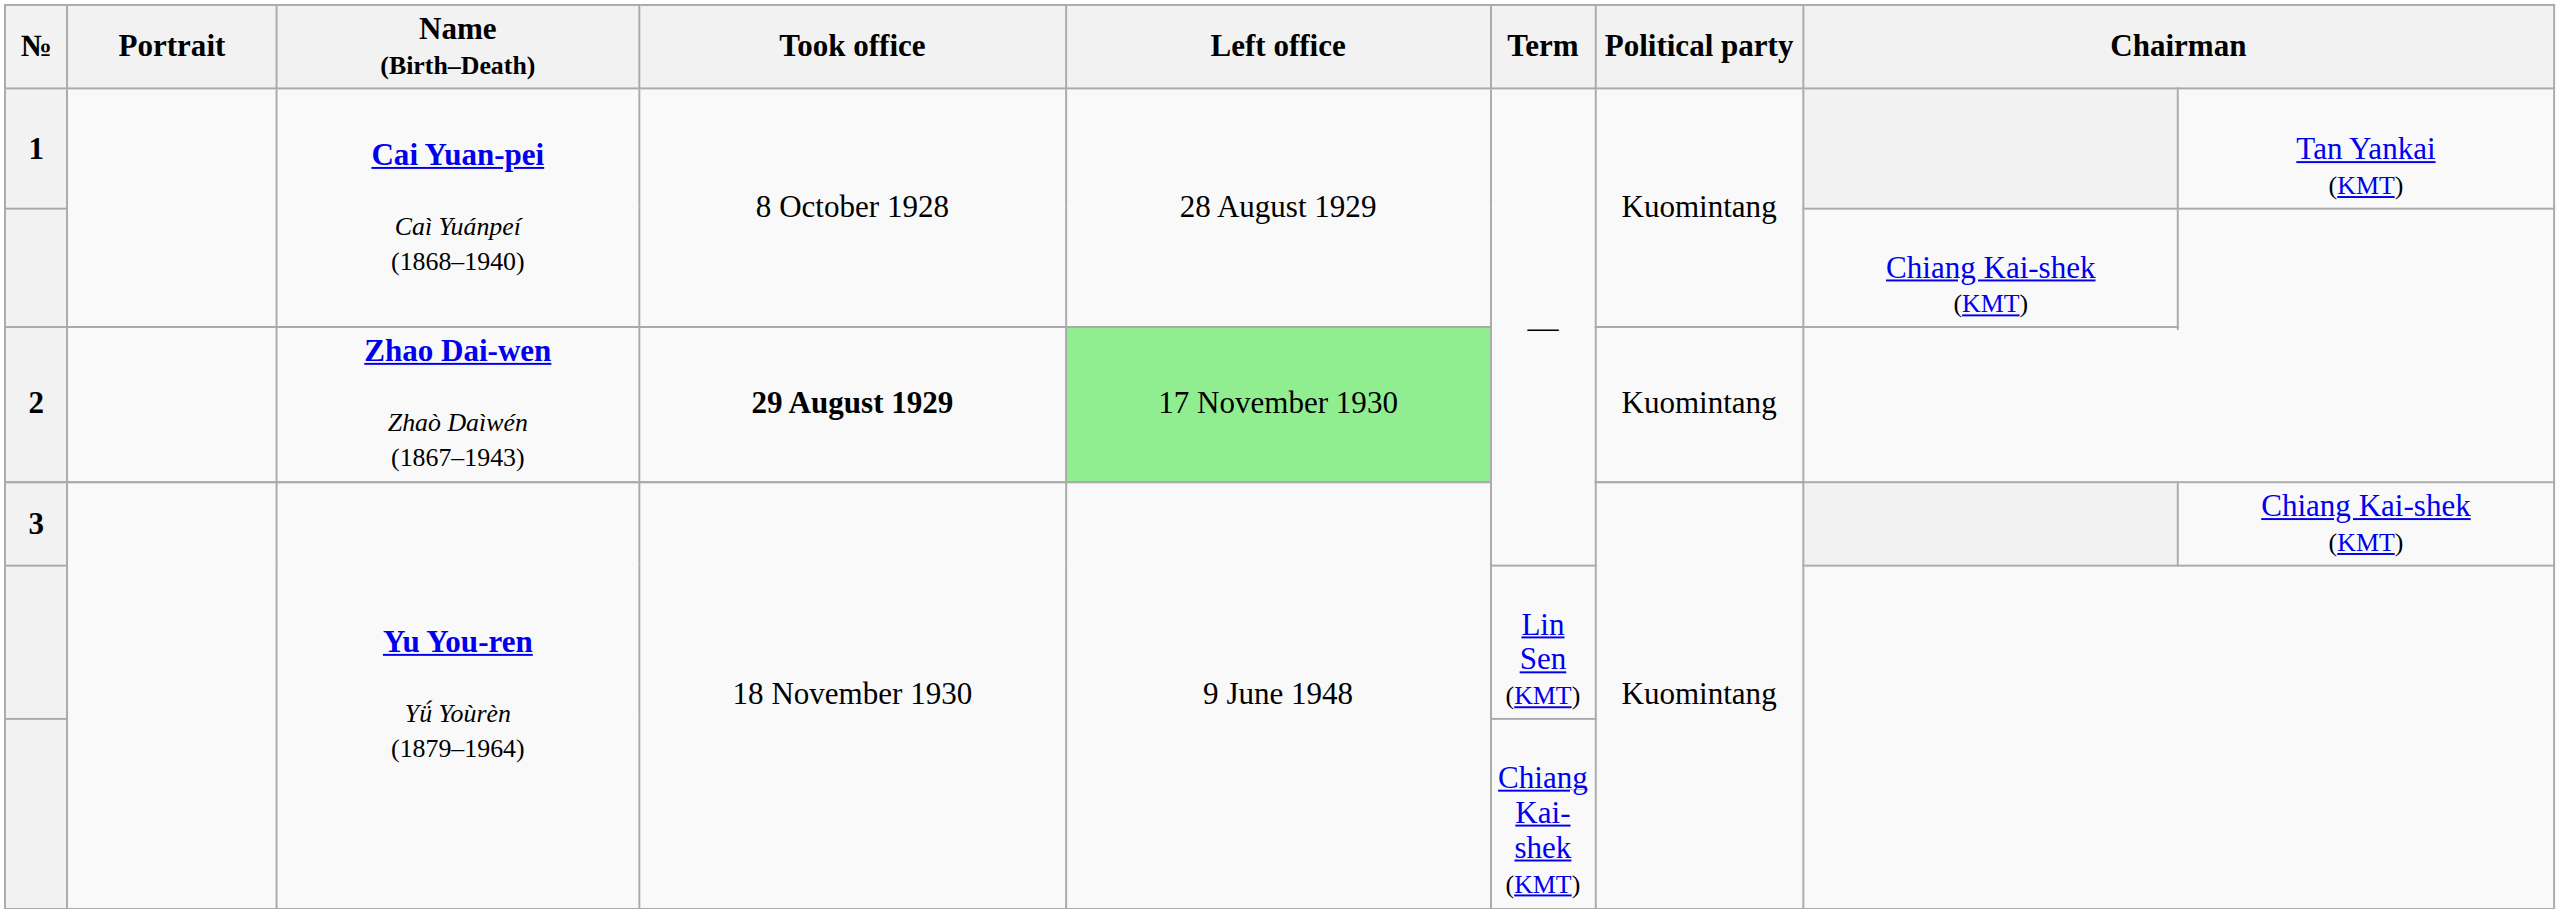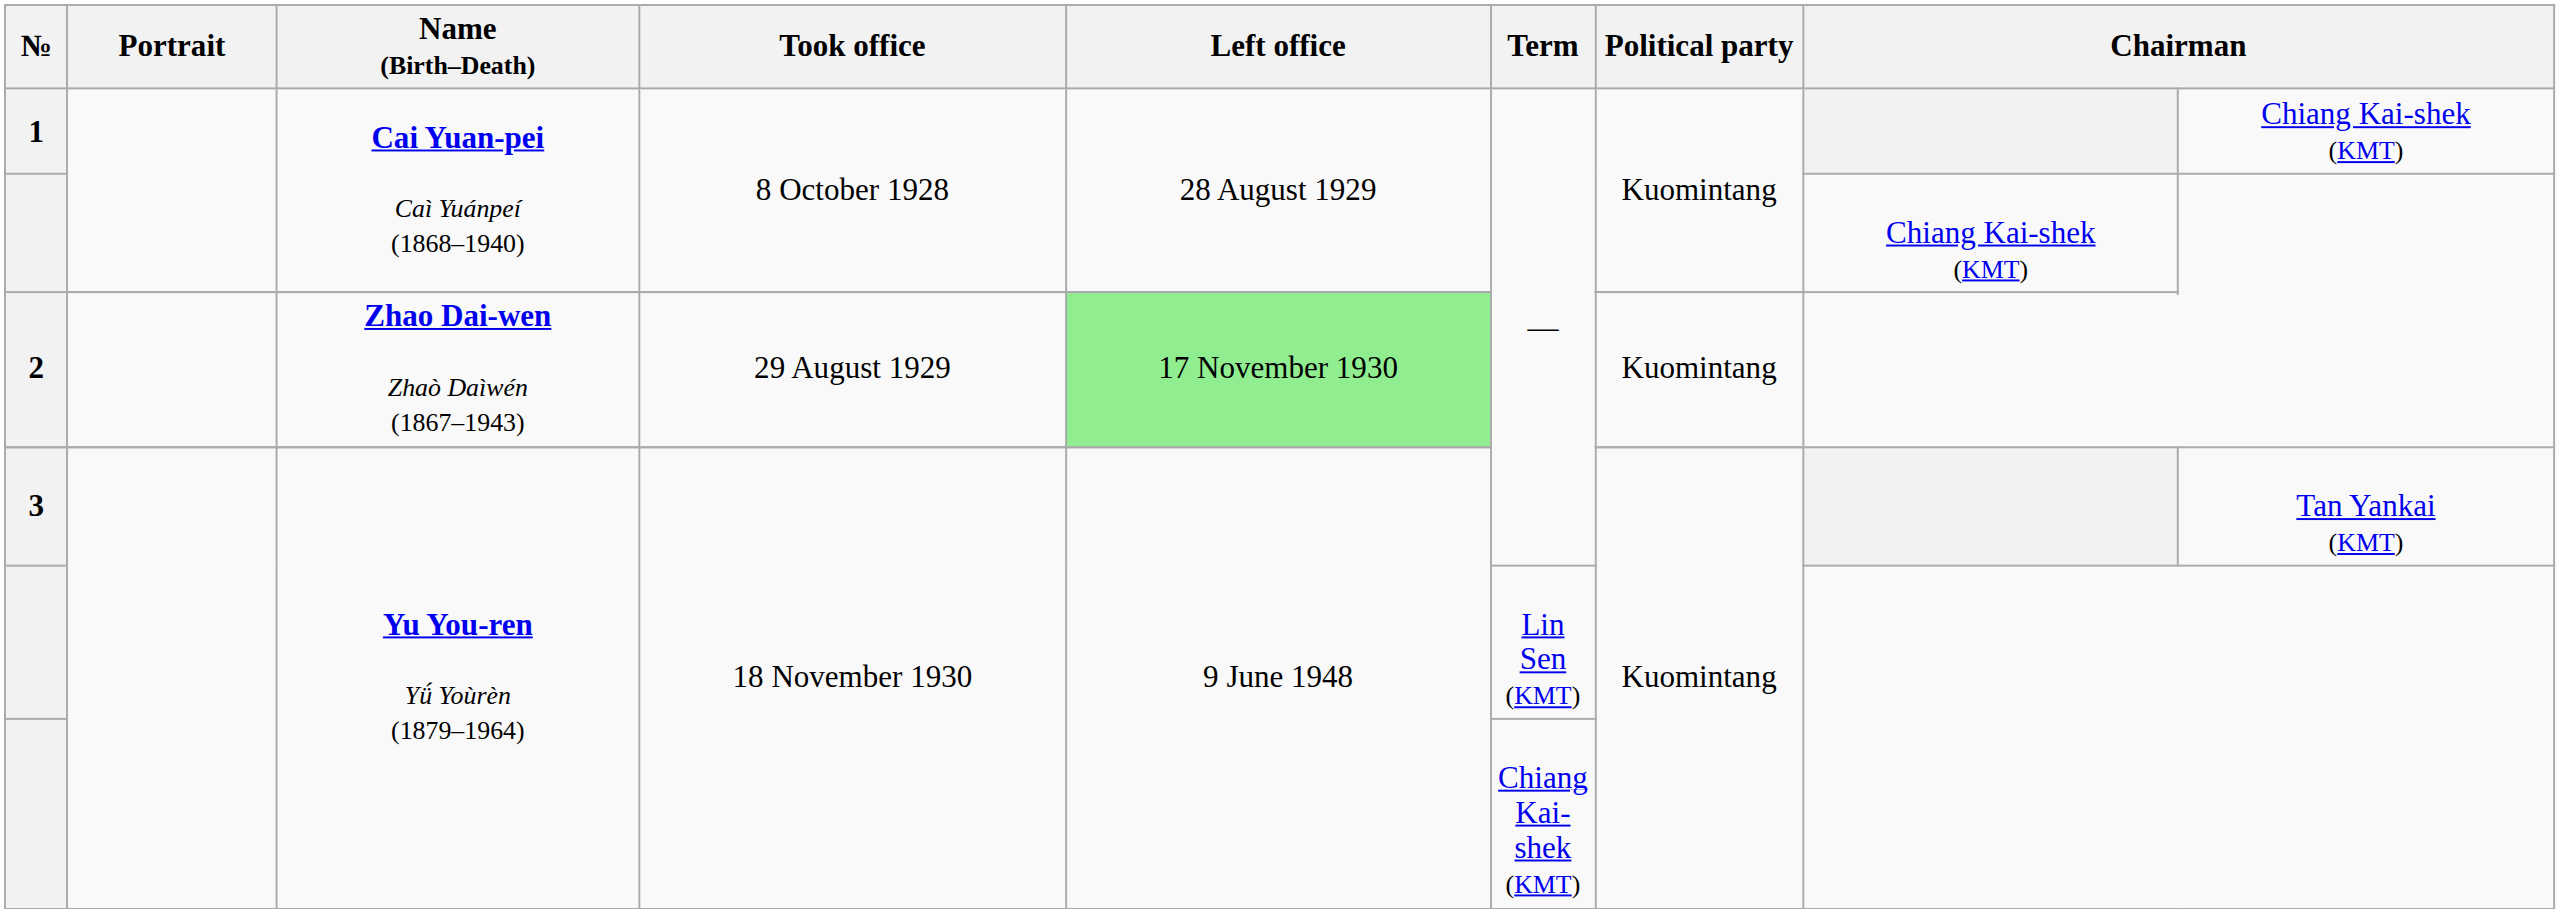 <table class="wikitable"  style="text-align:center"  width="83%">
 <tr>
 <th style="width:25px;">№</th>
 <th style="width:100px;">Portrait</th>
 <th width=180px>Name<br><small>(Birth–Death)</small></th>
 <th>Took office</th>
 <th>Left office</th>
 <th style="width:25px;">Term</th>
 <th style="width:100px;">Political party</th>
 <th colspan=2 width="width:200px">Chairman</th>
 </tr>
 <tr ->
 <th style="background:">1</th>
 <td rowspan=2 align=center></td>
 <td rowspan=2 align=center><strong><a href='#'>Cai Yuan-pei</a></strong><br><br><small><em>Caì Yuánpeí</em><br>(1868–1940)</small></td>
 <td rowspan=2>8 October 1928</td>
 <td rowspan=2>28 August 1929</td>
 <td rowspan=6>—</td>
 <td rowspan=2>Kuomintang</td>
 <th style="background:"></th>
-<td><br><a href='#'>Tan Yankai</a><br><small>(<a href='#'>KMT</a>)</small></td>
+<td><a href='#'>Chiang Kai-shek</a><br><small>(<a href='#'>KMT</a>)</small></td>
 </tr>
 <tr>
 <th rowspan=2 style="background:"></th>
 <td rowspan=2><br><a href='#'>Chiang Kai-shek</a><br><small>(<a href='#'>KMT</a>)</small></td>
 </tr>
 <tr ->
 </tr>
 <tr ->
 <th style="background:">2</th>
 <td align=center></td>
 <td align=center><strong><a href='#'>Zhao Dai-wen</a></strong><br><br><small><em>Zhaò Daìwén</em><br>(1867–1943)</small></td>
-<td><strong>29 August 1929</strong></td>
+<td>29 August 1929</td>
 <td style="background: lightgreen;">17 November 1930</td>
 <td>Kuomintang</td>
 </tr>
 <tr ->
 </tr>
 <tr ->
 <th style="background:">3</th>
 <td rowspan=3 align=center></td>
 <td rowspan=3 align=center><strong><a href='#'>Yu You-ren</a></strong><br><br><small><em>Yǘ Yoùrèn</em><br>(1879–1964)</small></td>
 <td rowspan=3>18 November 1930</td>
 <td rowspan=3>9 June 1948</td>
 <td rowspan=3>Kuomintang</td>
 <th style="background:"></th>
-<td><a href='#'>Chiang Kai-shek</a><br><small>(<a href='#'>KMT</a>)</small></td>
+<td><br><a href='#'>Tan Yankai</a><br><small>(<a href='#'>KMT</a>)</small></td>
 </tr>
 <tr>
 <th style="background:"></th>
 <td><br><a href='#'>Lin Sen</a><br><small>(<a href='#'>KMT</a>)</small></td>
 </tr>
 <tr>
 <th style="background:"></th>
 <td><br><a href='#'>Chiang Kai-shek</a><br><small>(<a href='#'>KMT</a>)</small></td>
 </tr>
 <tr ->
 </tr>
 </table>
